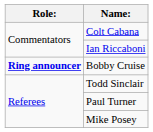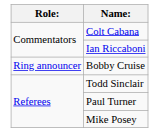 <table class=wikitable style="font-size:90%; margin: 0.5em 0 0.5em 1em; float: right; clear: right;">
 <tr>
 <th>Role:</th>
 <th>Name:</th>
 </tr>
 <tr>
 <td rowspan=2>Commentators</td>
 <td><a href='#'>Colt Cabana</a></td>
 </tr>
 <tr>
 <td><a href='#'>Ian Riccaboni</a></td>
 </tr>
 <tr>
-<td><strong><a href='#'>Ring announcer</a></strong></td>
+<td><a href='#'>Ring announcer</a></td>
 <td>Bobby Cruise</td>
 </tr>
 <tr>
 <td rowspan=3><a href='#'>Referees</a></td>
 <td>Todd Sinclair</td>
 </tr>
 <tr>
 <td>Paul Turner</td>
 </tr>
 <tr>
 <td>Mike Posey</td>
 </tr>
 </table>
